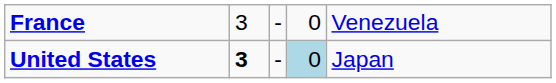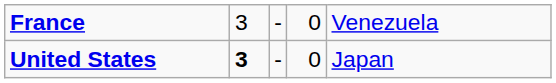 <table class="wikitable">
 <tr>
 <td width=150> <strong><a href='#'>France</a></strong></td>
 <td style="width:20px; text-align:left;">3</td>
 <td>-</td>
 <td style="width:20px; text-align:right;">0</td>
 <td width=150> <a href='#'>Venezuela</a></td>
 </tr>
 <tr>
 <td> <strong><a href='#'>United States</a></strong></td>
 <td style="text-align:left;"><strong>3</strong></td>
 <td>-</td>
-<td style="background: lightblue; text-align:right;">0</td>
+<td style="text-align:right;">0</td>
 <td> <a href='#'>Japan</a></td>
 </tr>
 </table>
